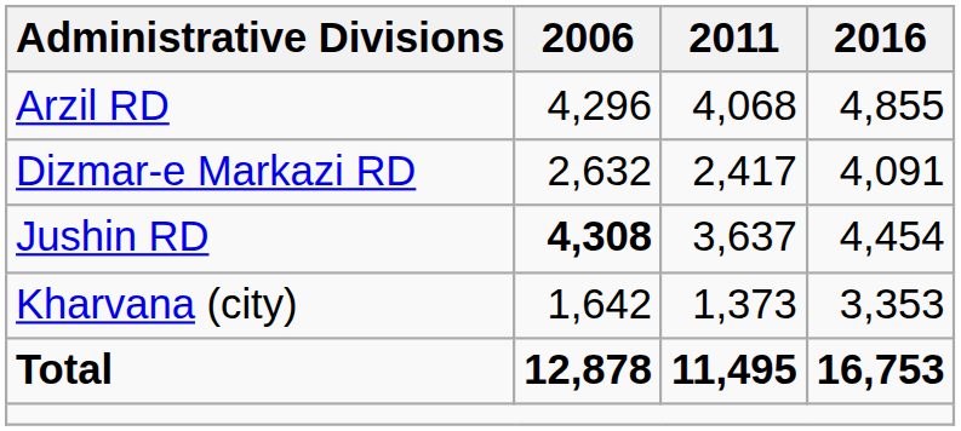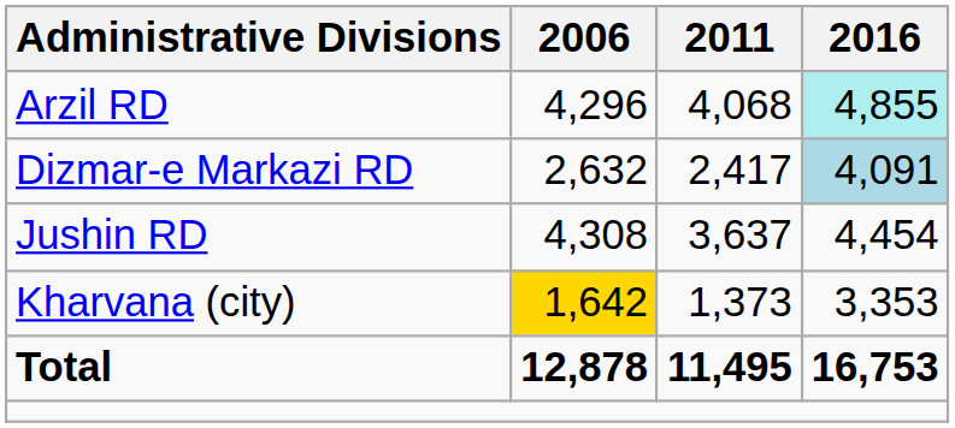 <table class="wikitable">
 <tr>
 <th>Administrative Divisions</th>
 <th>2006</th>
 <th>2011</th>
 <th>2016</th>
 </tr>
 <tr>
 <td><a href='#'>Arzil RD</a></td>
 <td style="text-align: right;">4,296</td>
 <td style="text-align: right;">4,068</td>
-<td style="text-align: right;">4,855</td>
+<td style="background: paleturquoise; text-align: right;">4,855</td>
 </tr>
 <tr>
 <td><a href='#'>Dizmar-e Markazi RD</a></td>
 <td style="text-align: right;">2,632</td>
 <td style="text-align: right;">2,417</td>
-<td style="text-align: right;">4,091</td>
+<td style="background: lightblue; text-align: right;">4,091</td>
 </tr>
 <tr>
 <td><a href='#'>Jushin RD</a></td>
-<td style="text-align: right;"><strong>4,308</strong></td>
+<td style="text-align: right;">4,308</td>
 <td style="text-align: right;">3,637</td>
 <td style="text-align: right;">4,454</td>
 </tr>
 <tr>
 <td><a href='#'>Kharvana</a> (city)</td>
-<td style="text-align: right;">1,642</td>
+<td style="background: gold; text-align: right;">1,642</td>
 <td style="text-align: right;">1,373</td>
 <td style="text-align: right;">3,353</td>
 </tr>
 <tr>
 <td><strong>Total</strong></td>
 <td style="text-align: right;"><strong>12,878</strong></td>
 <td style="text-align: right;"><strong>11,495</strong></td>
 <td style="text-align: right;"><strong>16,753</strong></td>
 </tr>
 <tr>
 <td colspan=4></td>
 </tr>
 </table>
